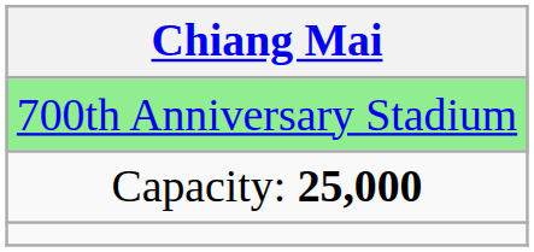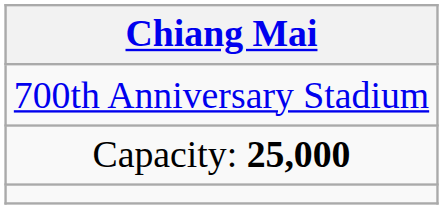 <table class="wikitable" style="text-align:center;margin:1em auto;">
 <tr>
 <th><a href='#'>Chiang Mai</a></th>
 </tr>
 <tr>
-<td style="background: lightgreen;"><a href='#'>700th Anniversary Stadium</a></td>
+<td><a href='#'>700th Anniversary Stadium</a></td>
 </tr>
 <tr>
 <td>Capacity: <strong>25,000</strong></td>
 </tr>
 <tr>
 <td></td>
 </tr>
 </table>
